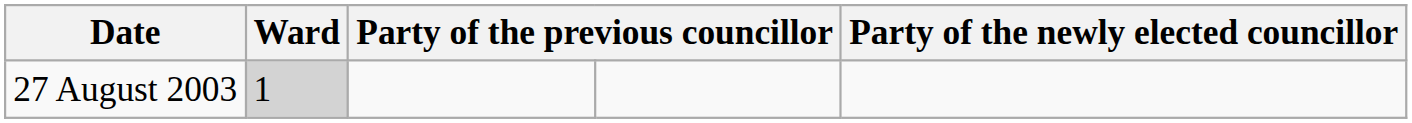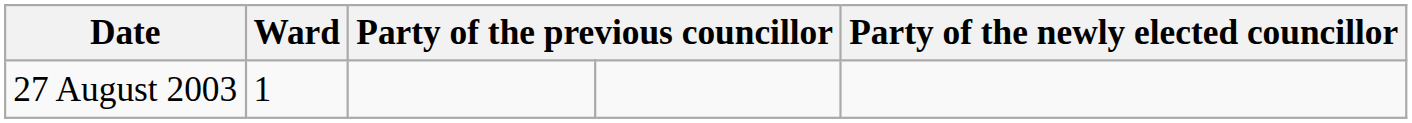 <table class="wikitable">
 <tr>
 <th>Date</th>
 <th>Ward</th>
 <th colspan=2>Party of the previous councillor</th>
 <th colspan=2>Party of the newly elected councillor</th>
 </tr>
 <tr>
 <td>27 August 2003</td>
-<td style="background: lightgrey;">1</td>
+<td>1</td>
 <td></td>
 <td></td>
 </tr>
 </table>
